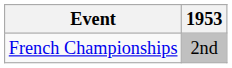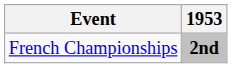 <table class="wikitable">
 <tr>
 <th>Event</th>
 <th>1953</th>
 </tr>
 <tr>
 <td><a href='#'>French Championships</a></td>
-<td align="center" bgcolor="silver">2nd</td>
+<td align="center" bgcolor="silver"><strong>2nd</strong></td>
 </tr>
 </table>
